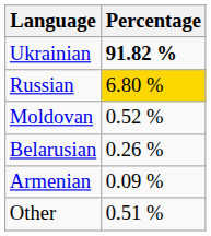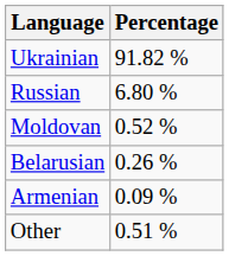 <table class="wikitable">
 <tr>
 <th>Language</th>
 <th>Percentage</th>
 </tr>
 <tr>
 <td><a href='#'>Ukrainian</a></td>
-<td><strong>91.82 %</strong></td>
+<td>91.82 %</td>
 </tr>
 <tr>
 <td><a href='#'>Russian</a></td>
-<td style="background: gold;">6.80 %</td>
+<td>6.80 %</td>
 </tr>
 <tr>
 <td><a href='#'>Moldovan</a></td>
 <td>0.52 %</td>
 </tr>
 <tr>
 <td><a href='#'>Belarusian</a></td>
 <td>0.26 %</td>
 </tr>
 <tr>
 <td><a href='#'>Armenian</a></td>
 <td>0.09 %</td>
 </tr>
 <tr>
 <td>Other</td>
 <td>0.51 %</td>
 </tr>
 </table>
